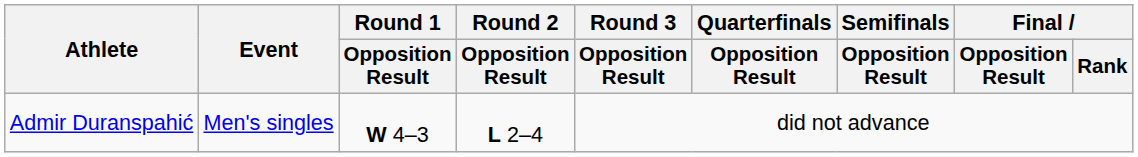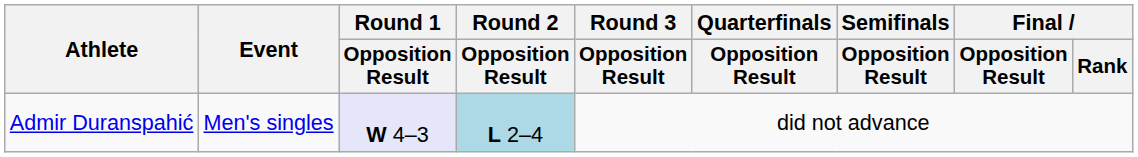 <table class="wikitable" style="text-align:center; font-size:90%">
 <tr>
 <th rowspan=2>Athlete</th>
 <th rowspan=2>Event</th>
 <th>Round 1</th>
 <th>Round 2</th>
 <th>Round 3</th>
 <th>Quarterfinals</th>
 <th>Semifinals</th>
 <th colspan=2>Final / </th>
 </tr>
 <tr style="font-size:95%">
 <th>Opposition<br>Result</th>
 <th>Opposition<br>Result</th>
 <th>Opposition<br>Result</th>
 <th>Opposition<br>Result</th>
 <th>Opposition<br>Result</th>
 <th>Opposition<br>Result</th>
 <th>Rank</th>
 </tr>
 <tr>
 <td align=left><a href='#'>Admir Duranspahić</a></td>
 <td rowspan=2 align=left><a href='#'>Men's singles</a></td>
-<td><br><strong>W</strong> 4–3</td>
-<td><br><strong>L</strong> 2–4</td>
+<td style="background: lavender;"><br><strong>W</strong> 4–3</td>
+<td style="background: lightblue;"><br><strong>L</strong> 2–4</td>
 <td colspan=5>did not advance</td>
 </tr>
 </table>
